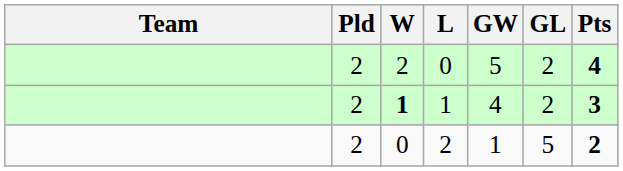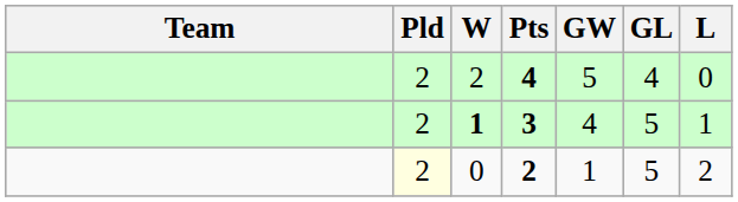 <table class="wikitable" style="text-align:center">
 <tr>
 <th width=200>Team</th>
 <th width=20>Pld</th>
 <th width=20>W</th>
-<th width=20>L</th>
+<th width=20>Pts</th>
 <th width=20>GW</th>
 <th width=20>GL</th>
-<th width=20>Pts</th>
+<th width=20>L</th>
 </tr>
 <tr bgcolor=ccffcc>
 <td style="text-align:left;"></td>
 <td>2</td>
 <td>2</td>
+<td><strong>4</strong></td>
+<td>5</td>
+<td>4</td>
 <td>0</td>
-<td>5</td>
-<td>2</td>
-<td><strong>4</strong></td>
 </tr>
 <tr bgcolor=ccffcc>
 <td style="text-align:left;"></td>
 <td>2</td>
 <td><strong>1</strong></td>
+<td><strong>3</strong></td>
+<td>4</td>
+<td>5</td>
 <td>1</td>
-<td>4</td>
-<td>2</td>
-<td><strong>3</strong></td>
 </tr>
 <tr>
 <td style="text-align:left;"></td>
-<td>2</td>
+<td style="background: lightyellow;">2</td>
 <td>0</td>
-<td>2</td>
+<td><strong>2</strong></td>
 <td>1</td>
 <td>5</td>
-<td><strong>2</strong></td>
+<td>2</td>
 </tr>
 </table>
